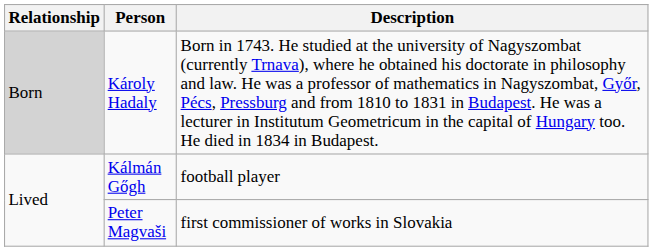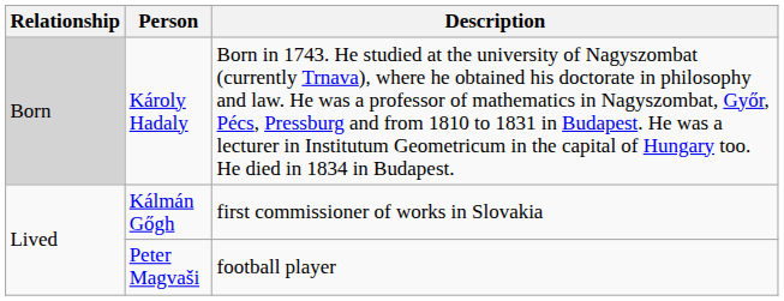 <table class="wikitable">
 <tr>
 <th>Relationship</th>
 <th>Person</th>
 <th>Description</th>
 </tr>
 <tr>
 <td style="background: lightgrey;">Born</td>
 <td><a href='#'>Károly Hadaly</a></td>
 <td>Born in 1743. He studied at the university of Nagyszombat (currently <a href='#'>Trnava</a>), where he obtained his doctorate in philosophy and law. He was a professor of mathematics in Nagyszombat, <a href='#'>Győr</a>, <a href='#'>Pécs</a>, <a href='#'>Pressburg</a> and from 1810 to 1831 in <a href='#'>Budapest</a>. He was a lecturer in Institutum Geometricum in the capital of <a href='#'>Hungary</a> too. He died in 1834 in Budapest.</td>
 </tr>
 <tr>
 <td rowspan=2>Lived</td>
 <td><a href='#'>Kálmán Gőgh</a></td>
-<td>football player</td>
+<td>first commissioner of works in Slovakia</td>
 </tr>
 <tr>
 <td><a href='#'>Peter Magvaši</a></td>
-<td>first commissioner of works in Slovakia</td>
+<td>football player</td>
 </tr>
 </table>
